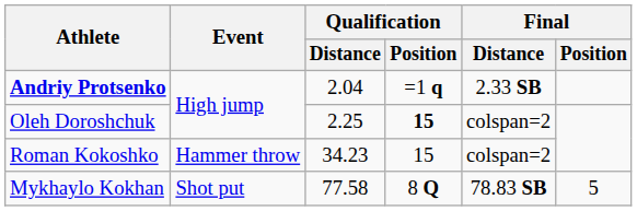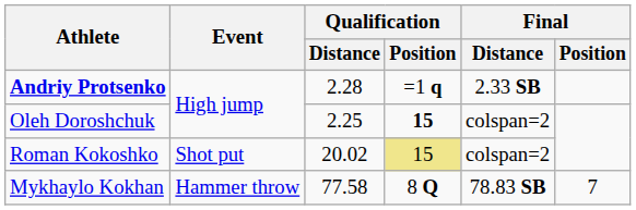 <table class=wikitable style="font-size:90%">
 <tr>
 <th rowspan="2">Athlete</th>
 <th rowspan="2">Event</th>
 <th colspan="2">Qualification</th>
 <th colspan="2">Final</th>
 </tr>
 <tr style="font-size:95%">
 <th>Distance</th>
 <th>Position</th>
 <th>Distance</th>
 <th>Position</th>
 </tr>
 <tr style=text-align:center>
 <td style=text-align:left><strong><a href='#'>Andriy Protsenko</a></strong></td>
 <td rowspan="2" style="text-align:left"><a href='#'>High jump</a></td>
-<td>2.04</td>
+<td>2.28</td>
 <td>=1 <strong>q</strong></td>
 <td>2.33 <strong>SB</strong></td>
 <td></td>
 </tr>
 <tr align="center">
 <td align="left"><a href='#'>Oleh Doroshchuk</a></td>
 <td>2.25</td>
 <td><strong>15</strong></td>
 <td>colspan=2 </td>
 </tr>
 <tr style="text-align:center">
 <td style="text-align:left"><a href='#'>Roman Kokoshko</a></td>
-<td style="text-align:left"><a href='#'>Hammer throw</a></td>
-<td>34.23</td>
-<td>15</td>
+<td style="text-align:left"><a href='#'>Shot put</a></td>
+<td>20.02</td>
+<td style="background: khaki;">15</td>
 <td>colspan=2 </td>
 </tr>
 <tr style="text-align:center">
 <td style="text-align:left"><a href='#'>Mykhaylo Kokhan</a></td>
-<td style="text-align:left"><a href='#'>Shot put</a></td>
+<td style="text-align:left"><a href='#'>Hammer throw</a></td>
 <td>77.58</td>
 <td>8 <strong>Q</strong></td>
 <td>78.83 <strong>SB</strong></td>
-<td>5</td>
+<td>7</td>
 </tr>
 </table>
